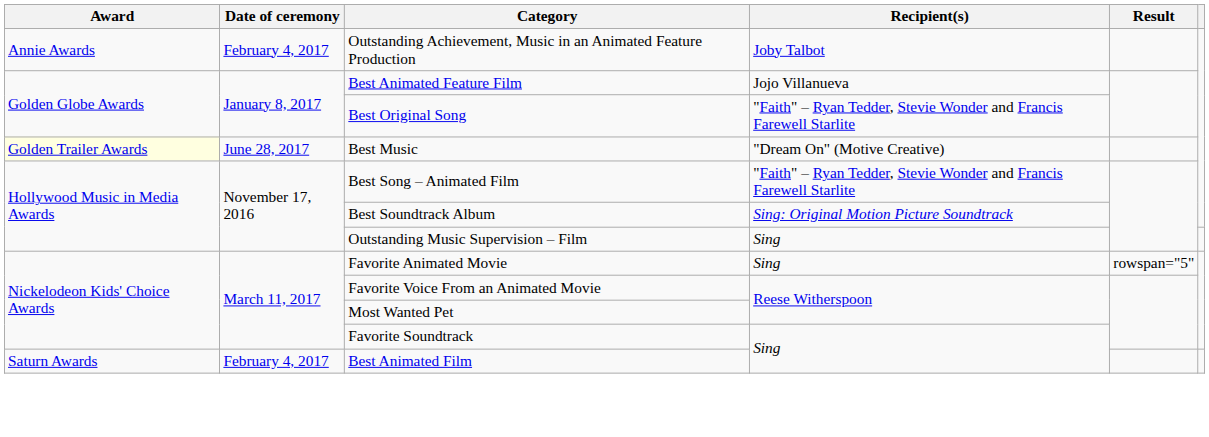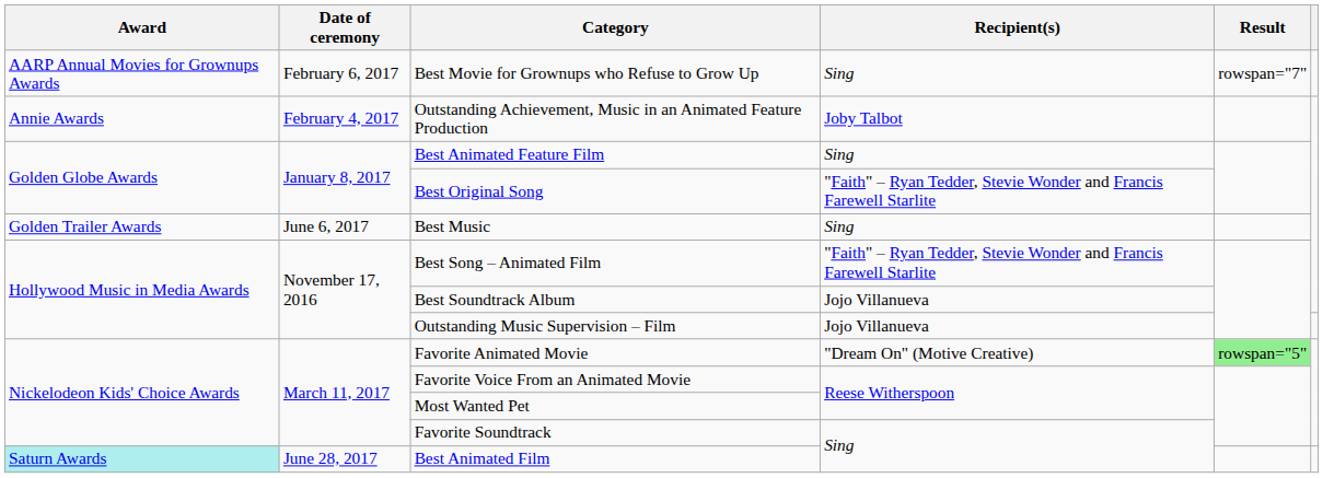 <table class="wikitable sortable plainrowheaders" style="width: 99%;">
 <tr>
 <th scope="col">Award</th>
 <th scope="col">Date of ceremony</th>
 <th scope="col">Category</th>
 <th scope="col" style="width:30%;">Recipient(s)</th>
 <th scope="col">Result</th>
 <th scope="col" class="unsortable"></th>
+</tr>
+<tr>
+<td><a href='#'>AARP Annual Movies for Grownups Awards</a></td>
+<td>February 6, 2017</td>
+<td>Best Movie for Grownups who Refuse to Grow Up</td>
+<td><em>Sing</em></td>
+<td>rowspan="7" </td>
+<td></td>
 </tr>
 <tr>
 <td><a href='#'>Annie Awards</a></td>
 <td><a href='#'>February 4, 2017</a></td>
 <td>Outstanding Achievement, Music in an Animated Feature Production</td>
 <td><a href='#'>Joby Talbot</a></td>
 <td></td>
 </tr>
 <tr>
 <td rowspan="2"><a href='#'>Golden Globe Awards</a></td>
 <td rowspan="2"><a href='#'>January 8, 2017</a></td>
 <td><a href='#'>Best Animated Feature Film</a></td>
-<td>Jojo Villanueva</td>
+<td><em>Sing</em></td>
 <td rowspan="2"></td>
 </tr>
 <tr>
 <td><a href='#'>Best Original Song</a></td>
 <td>"<a href='#'>Faith</a>" – <a href='#'>Ryan Tedder</a>, <a href='#'>Stevie Wonder</a> and <a href='#'>Francis Farewell Starlite</a></td>
 </tr>
 <tr>
-<td style="background: lightyellow;"><a href='#'>Golden Trailer Awards</a></td>
-<td><a href='#'>June 28, 2017</a></td>
+<td><a href='#'>Golden Trailer Awards</a></td>
+<td>June 6, 2017</td>
 <td>Best Music</td>
-<td>"Dream On" (Motive Creative)</td>
+<td><em>Sing</em></td>
 <td></td>
 </tr>
 <tr>
 <td rowspan="3"><a href='#'>Hollywood Music in Media Awards</a></td>
 <td rowspan="3">November 17, 2016</td>
 <td>Best Song – Animated Film</td>
 <td>"<a href='#'>Faith</a>" – <a href='#'>Ryan Tedder</a>, <a href='#'>Stevie Wonder</a> and <a href='#'>Francis Farewell Starlite</a></td>
 <td rowspan="3"></td>
 </tr>
 <tr>
 <td>Best Soundtrack Album</td>
-<td><em><a href='#'>Sing: Original Motion Picture Soundtrack</a></em></td>
+<td>Jojo Villanueva</td>
 </tr>
 <tr>
 <td>Outstanding Music Supervision – Film</td>
-<td><em>Sing</em></td>
+<td>Jojo Villanueva</td>
 <td></td>
 </tr>
 <tr>
 <td rowspan="4"><a href='#'>Nickelodeon Kids' Choice Awards</a></td>
 <td rowspan="4"><a href='#'>March 11, 2017</a></td>
 <td>Favorite Animated Movie</td>
-<td><em>Sing</em></td>
-<td>rowspan="5" </td>
+<td>"Dream On" (Motive Creative)</td>
+<td style="background: lightgreen;">rowspan="5" </td>
 <td rowspan="4"></td>
 </tr>
 <tr>
 <td>Favorite Voice From an Animated Movie</td>
 <td rowspan="2"><a href='#'>Reese Witherspoon</a></td>
 </tr>
 <tr>
 <td>Most Wanted Pet</td>
 </tr>
 <tr>
 <td>Favorite Soundtrack</td>
 <td rowspan="2"><em>Sing</em></td>
 </tr>
 <tr>
-<td><a href='#'>Saturn Awards</a></td>
-<td><a href='#'>February 4, 2017</a></td>
+<td style="background: paleturquoise;"><a href='#'>Saturn Awards</a></td>
+<td><a href='#'>June 28, 2017</a></td>
 <td><a href='#'>Best Animated Film</a></td>
 <td></td>
 </tr>
 </table>
